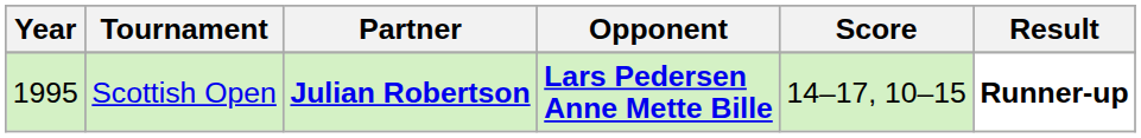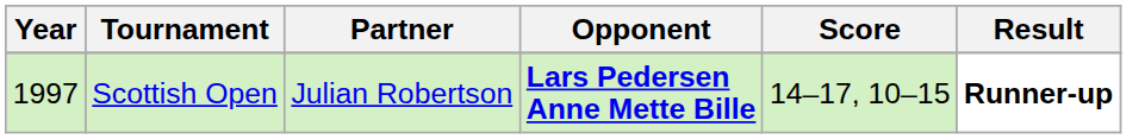 <table class="sortable wikitable" style="font-size: 90%;">
 <tr>
 <th>Year</th>
 <th>Tournament</th>
 <th>Partner</th>
 <th>Opponent</th>
 <th>Score</th>
 <th>Result</th>
 </tr>
 <tr>
 </tr>
 <tr style="background:#D4F1C5">
-<td align="center">1995</td>
+<td align="center">1997</td>
 <td align="left"><a href='#'>Scottish Open</a></td>
-<td align="left"><strong> <a href='#'>Julian Robertson</a></strong></td>
+<td align="left"> <a href='#'>Julian Robertson</a></td>
 <td align="left"><strong> <a href='#'>Lars Pedersen</a> <br>  <a href='#'>Anne Mette Bille</a></strong></td>
 <td align="left">14–17, 10–15</td>
 <td style="text-align:left; background:white"> <strong>Runner-up</strong></td>
 </tr>
 </table>
